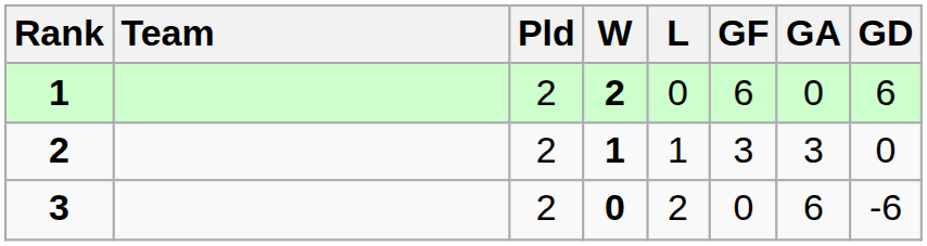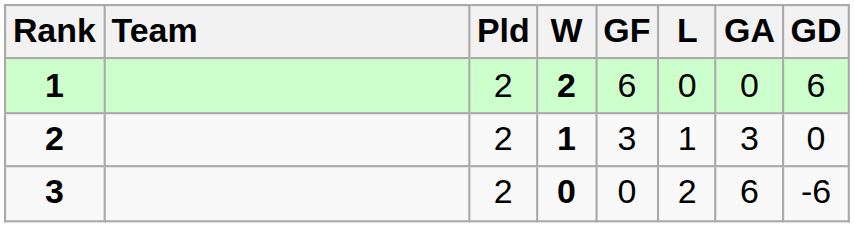 <table class="wikitable" style="text-align: center;">
 <tr>
 <th width=30>Rank</th>
 <th width=165 style="text-align:left;">Team</th>
 <th width=20>Pld</th>
 <th width=20>W</th>
+<th width=20>GF</th>
 <th width=20>L</th>
-<th width=20>GF</th>
 <th width=20>GA</th>
 <th width=20>GD</th>
 </tr>
 <tr style="background:#ccffcc;">
 <td><strong>1</strong></td>
 <td style="text-align:left;"></td>
 <td>2</td>
 <td><strong>2</strong></td>
+<td>6</td>
 <td>0</td>
-<td>6</td>
 <td>0</td>
 <td>6</td>
 </tr>
 <tr>
 <td><strong>2</strong></td>
 <td style="text-align:left;"></td>
 <td>2</td>
 <td><strong>1</strong></td>
+<td>3</td>
 <td>1</td>
-<td>3</td>
 <td>3</td>
 <td>0</td>
 </tr>
 <tr>
 <td><strong>3</strong></td>
 <td style="text-align:left;"></td>
 <td>2</td>
 <td><strong>0</strong></td>
+<td>0</td>
 <td>2</td>
-<td>0</td>
 <td>6</td>
 <td>-6</td>
 </tr>
 </table>
